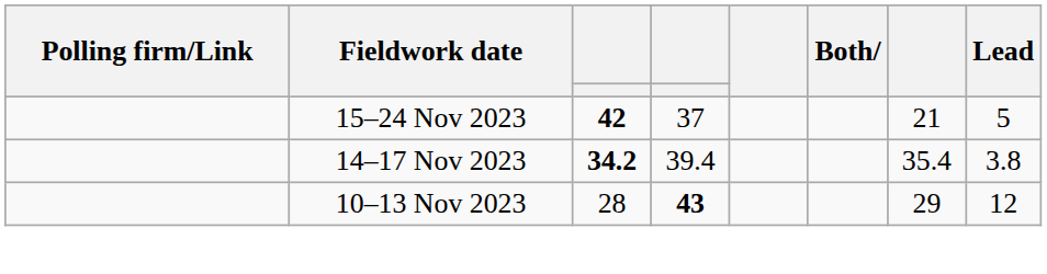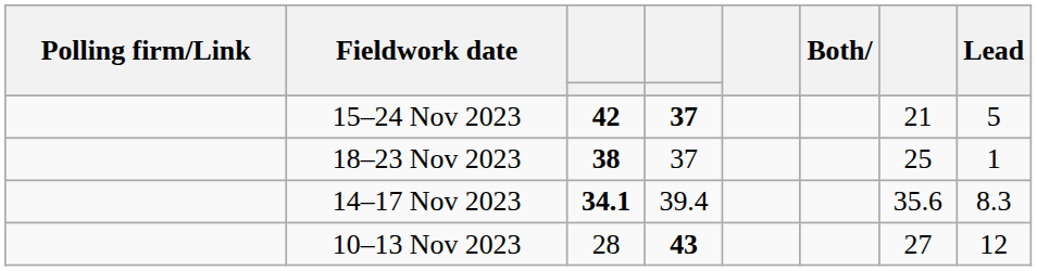 <table class="wikitable sortable mw-datatable" style="text-align:center;font-size:95%;line-height:16px;">
 <tr style="height:42px;">
 <th rowspan="2" style="width:145px;">Polling firm/Link</th>
 <th rowspan="2" style="width:145px;">Fieldwork date</th>
 <th style="width:35px;"></th>
 <th style="width:35px;"></th>
 <th rowspan="2" class="unsortable" style="width:35px;"></th>
 <th rowspan="2" class="unsortable" style="width:35px;">Both/<br></th>
 <th rowspan="2" class="unsortable" style="width:35px;"></th>
 <th rowspan="2" class="unsortable" style="width:30px;">Lead</th>
 </tr>
 <tr>
 <th style="color:inherit;background:"></th>
 <th style="color:inherit;background:"></th>
 </tr>
 <tr>
 <td></td>
 <td>15–24 Nov 2023</td>
 <td><strong>42</strong></td>
-<td>37</td>
+<td><strong>37</strong></td>
 <td></td>
 <td></td>
 <td>21</td>
 <td style="background:">5</td>
 </tr>
 <tr>
 <td></td>
+<td>18–23 Nov 2023</td>
+<td><strong>38</strong></td>
+<td>37</td>
+<td></td>
+<td></td>
+<td>25</td>
+<td style="background:">1</td>
+</tr>
+<tr>
+<td></td>
 <td>14–17 Nov 2023</td>
-<td><strong>34.2</strong></td>
+<td><strong>34.1</strong></td>
 <td>39.4</td>
 <td></td>
 <td></td>
-<td>35.4</td>
-<td style="background:">3.8</td>
+<td>35.6</td>
+<td style="background:">8.3</td>
 </tr>
 <tr>
 <td></td>
 <td>10–13 Nov 2023</td>
 <td>28</td>
 <td><strong>43</strong></td>
 <td></td>
 <td></td>
-<td>29</td>
+<td>27</td>
 <td style="background:">12</td>
 </tr>
 </table>
